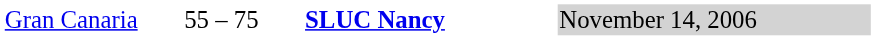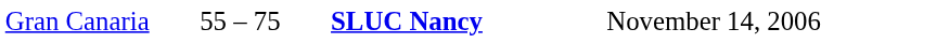 <table style="text-align:center">
 <tr>
 <th width=160></th>
 <th width=100></th>
 <th width=160></th>
 <th width=200></th>
 </tr>
 <tr>
 <td align=right><a href='#'>Gran Canaria</a> </td>
 <td>55 – 75</td>
 <td align=left> <strong><a href='#'>SLUC Nancy</a></strong></td>
-<td align=left style="background: lightgrey;">November 14, 2006</td>
+<td align=left>November 14, 2006</td>
 </tr>
 </table>
